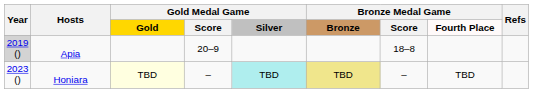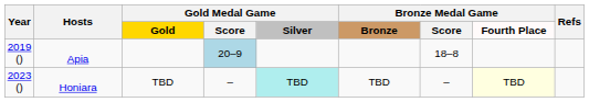 <table class="wikitable" style="border-collapse:collapse; font-size:100%; text-align:center;">
 <tr>
 <th rowspan=2 width=5%>Year</th>
 <th rowspan=2 width=15%>Hosts</th>
 <th colspan=3>Gold Medal Game</th>
 <th colspan=3>Bronze Medal Game</th>
 <th rowspan=2 width=5%>Refs</th>
 </tr>
 <tr>
 <th style="width:14%; background:gold;">Gold</th>
 <th width=9%>Score</th>
 <th style="width:14%; background:silver;">Silver</th>
 <th style="width:14%; background:#cc9966;">Bronze</th>
 <th width=9%>Score</th>
 <th style="width:14%; background:snow;">Fourth Place</th>
 </tr>
 <tr>
-<td style="background: lightgrey;"><a href='#'>2019</a><br>()</td>
+<td><a href='#'>2019</a><br>()</td>
 <td><br><a href='#'>Apia</a></td>
 <td><strong></strong></td>
-<td>20–9</td>
+<td style="background: lightblue;">20–9</td>
 <td></td>
 <td></td>
 <td>18–8</td>
 <td></td>
 <td style="line-height:0.7;"></td>
 </tr>
 <tr>
 <td><a href='#'>2023</a><br>()</td>
 <td><br><a href='#'>Honiara</a></td>
-<td style="background: lightyellow;">TBD</td>
+<td>TBD</td>
 <td>–</td>
 <td style="background: paleturquoise;">TBD</td>
-<td style="background: khaki;">TBD</td>
+<td>TBD</td>
 <td>–</td>
-<td>TBD</td>
+<td style="background: lightyellow;">TBD</td>
 </tr>
 </table>
